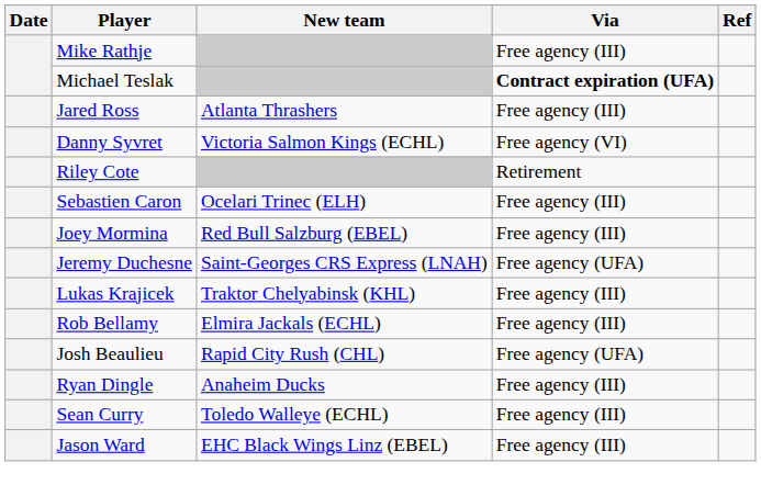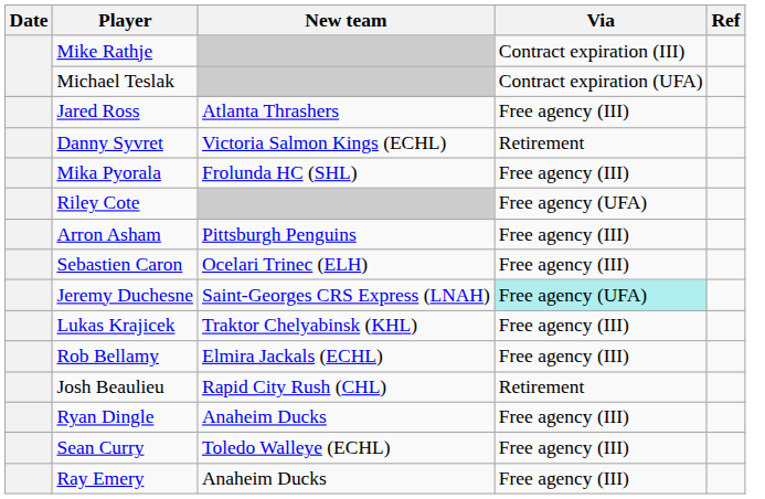 <table class="wikitable plainrowheaders">
 <tr style="background:#ddd; text-align:center;">
 <th>Date</th>
 <th>Player</th>
 <th>New team</th>
 <th>Via</th>
 <th>Ref</th>
 </tr>
 <tr>
 <th scope="row" rowspan=2></th>
 <td><a href='#'>Mike Rathje</a></td>
 <td style="background:#ccc"></td>
-<td>Free agency (III)</td>
+<td>Contract expiration (III)</td>
 <td></td>
 </tr>
 <tr>
 <td>Michael Teslak</td>
 <td style="background:#ccc"></td>
-<td><strong>Contract expiration (UFA)</strong></td>
+<td>Contract expiration (UFA)</td>
 <td></td>
 </tr>
 <tr>
 <th scope="row"></th>
 <td><a href='#'>Jared Ross</a></td>
 <td><a href='#'>Atlanta Thrashers</a></td>
 <td>Free agency (III)</td>
 <td></td>
 </tr>
 <tr>
 <th scope="row"></th>
 <td><a href='#'>Danny Syvret</a></td>
 <td><a href='#'>Victoria Salmon Kings</a> (ECHL)</td>
-<td>Free agency (VI)</td>
+<td>Retirement</td>
+<td></td>
+</tr>
+<tr>
+<th scope="row"></th>
+<td><a href='#'>Mika Pyorala</a></td>
+<td><a href='#'>Frolunda HC</a> (<a href='#'>SHL</a>)</td>
+<td>Free agency (III)</td>
 <td></td>
 </tr>
 <tr>
 <th scope="row"></th>
 <td><a href='#'>Riley Cote</a></td>
 <td style="background:#ccc"></td>
-<td>Retirement</td>
+<td>Free agency (UFA)</td>
+<td></td>
+</tr>
+<tr>
+<th scope="row"></th>
+<td><a href='#'>Arron Asham</a></td>
+<td><a href='#'>Pittsburgh Penguins</a></td>
+<td>Free agency (III)</td>
 <td></td>
 </tr>
 <tr>
 <th scope="row"></th>
 <td><a href='#'>Sebastien Caron</a></td>
 <td><a href='#'>Ocelari Trinec</a> (<a href='#'>ELH</a>)</td>
 <td>Free agency (III)</td>
 <td></td>
 </tr>
 <tr>
 <th scope="row"></th>
-<td><a href='#'>Joey Mormina</a></td>
-<td><a href='#'>Red Bull Salzburg</a> (<a href='#'>EBEL</a>)</td>
-<td>Free agency (III)</td>
-<td></td>
-</tr>
-<tr>
-<th scope="row"></th>
 <td><a href='#'>Jeremy Duchesne</a></td>
 <td><a href='#'>Saint-Georges CRS Express</a> (<a href='#'>LNAH</a>)</td>
-<td>Free agency (UFA)</td>
+<td style="background: paleturquoise;">Free agency (UFA)</td>
 <td></td>
 </tr>
 <tr>
 <th scope="row"></th>
 <td><a href='#'>Lukas Krajicek</a></td>
 <td><a href='#'>Traktor Chelyabinsk</a> (<a href='#'>KHL</a>)</td>
 <td>Free agency (III)</td>
 <td></td>
 </tr>
 <tr>
 <th scope="row"></th>
 <td><a href='#'>Rob Bellamy</a></td>
 <td><a href='#'>Elmira Jackals</a> (<a href='#'>ECHL</a>)</td>
 <td>Free agency (III)</td>
 <td></td>
 </tr>
 <tr>
 <th scope="row"></th>
 <td>Josh Beaulieu</td>
 <td><a href='#'>Rapid City Rush</a> (<a href='#'>CHL</a>)</td>
-<td>Free agency (UFA)</td>
+<td>Retirement</td>
 <td></td>
 </tr>
 <tr>
 <th scope="row"></th>
 <td><a href='#'>Ryan Dingle</a></td>
 <td><a href='#'>Anaheim Ducks</a></td>
 <td>Free agency (III)</td>
 <td></td>
 </tr>
 <tr>
 <th scope="row"></th>
 <td><a href='#'>Sean Curry</a></td>
 <td><a href='#'>Toledo Walleye</a> (ECHL)</td>
 <td>Free agency (III)</td>
 <td></td>
 </tr>
 <tr>
 <th scope="row"></th>
-<td><a href='#'>Jason Ward</a></td>
-<td><a href='#'>EHC Black Wings Linz</a> (EBEL)</td>
+<td><a href='#'>Ray Emery</a></td>
+<td>Anaheim Ducks</td>
 <td>Free agency (III)</td>
 <td></td>
 </tr>
 </table>
